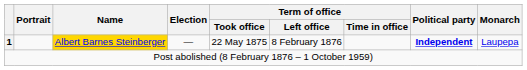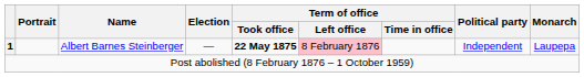 <table class="wikitable" style="font-size:100%;text-align:center">
 <tr>
 <th rowspan="2"></th>
 <th rowspan="2">Portrait</th>
 <th rowspan="2">Name<br></th>
 <th rowspan="2">Election</th>
 <th colspan="3">Term of office</th>
 <th rowspan="2">Political party</th>
 <th rowspan="2">Monarch</th>
 </tr>
 <tr>
 <th>Took office</th>
 <th>Left office</th>
 <th>Time in office</th>
 </tr>
 <tr>
 <th style="background:">1</th>
 <td></td>
-<td style="background: gold;"><a href='#'>Albert Barnes Steinberger</a><br></td>
+<td><a href='#'>Albert Barnes Steinberger</a><br></td>
 <td>—</td>
-<td>22 May 1875</td>
-<td>8 February 1876</td>
+<td><strong>22 May 1875</strong></td>
+<td style="background: pink;">8 February 1876</td>
 <td></td>
-<td><strong><a href='#'>Independent</a></strong></td>
+<td><a href='#'>Independent</a></td>
 <td><a href='#'>Laupepa</a></td>
 </tr>
 <tr>
 <td colspan="9" align="center">Post abolished (8 February 1876 – 1 October 1959)</td>
 </tr>
 </table>
